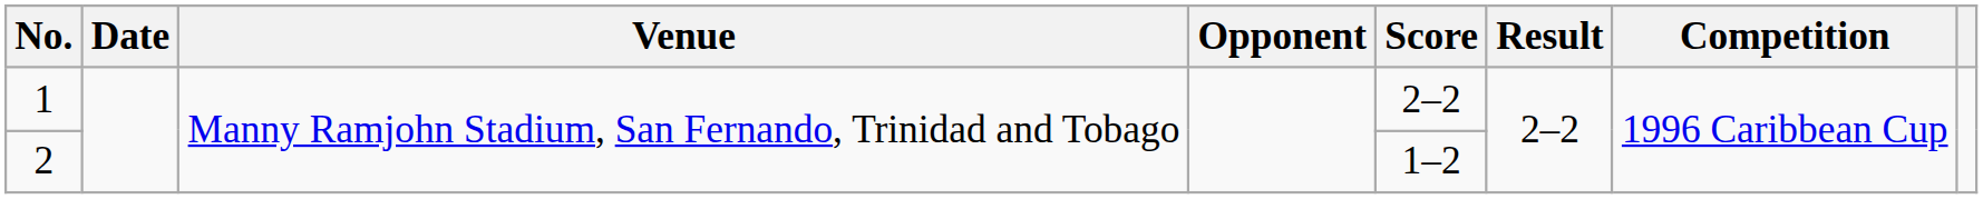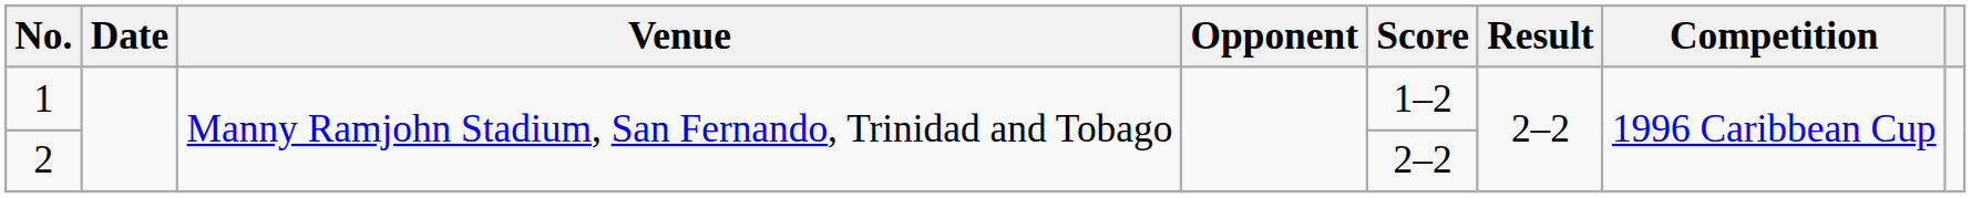 <table class="wikitable sortable">
 <tr>
 <th scope="col">No.</th>
 <th scope="col">Date</th>
 <th scope="col">Venue</th>
 <th scope="col">Opponent</th>
 <th scope="col">Score</th>
 <th scope="col">Result</th>
 <th scope="col">Competition</th>
 <th scope="col" class="unsortable"></th>
 </tr>
 <tr>
 <td style="text-align:center">1</td>
 <td rowspan="2"></td>
 <td rowspan="2"><a href='#'>Manny Ramjohn Stadium</a>, <a href='#'>San Fernando</a>, Trinidad and Tobago</td>
 <td rowspan="2"></td>
-<td style="text-align:center">2–2</td>
+<td style="text-align:center">1–2</td>
 <td rowspan="2" style="text-align:center">2–2</td>
 <td rowspan="2"><a href='#'>1996 Caribbean Cup</a></td>
 <td rowspan="2"></td>
 </tr>
 <tr>
 <td style="text-align:center">2</td>
-<td style="text-align:center">1–2</td>
+<td style="text-align:center">2–2</td>
 </tr>
 </table>
